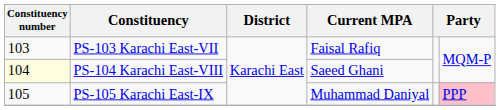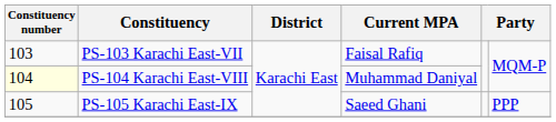 <table class="wikitable">
 <tr>
 <th width="50px" style="font-size:75%">Constituency number</th>
 <th>Constituency</th>
 <th>District</th>
 <th>Current MPA</th>
 <th colspan="2">Party</th>
 </tr>
 <tr>
 <td>103</td>
 <td><a href='#'>PS-103 Karachi East-VII</a></td>
 <td rowspan="3"><a href='#'>Karachi East</a></td>
 <td><a href='#'>Faisal Rafiq</a></td>
 <td rowspan="2"></td>
 <td rowspan="2"><a href='#'>MQM-P</a></td>
 </tr>
 <tr>
 <td style="background: lightyellow;">104</td>
 <td><a href='#'>PS-104 Karachi East-VIII</a></td>
-<td><a href='#'>Saeed Ghani</a></td>
+<td><a href='#'>Muhammad Daniyal</a></td>
 </tr>
 <tr>
 <td>105</td>
 <td><a href='#'>PS-105 Karachi East-IX</a></td>
-<td><a href='#'>Muhammad Daniyal</a></td>
+<td><a href='#'>Saeed Ghani</a></td>
 <td></td>
-<td style="background: pink;"><a href='#'>PPP</a></td>
+<td><a href='#'>PPP</a></td>
 </tr>
 <tr>
 </tr>
 </table>
